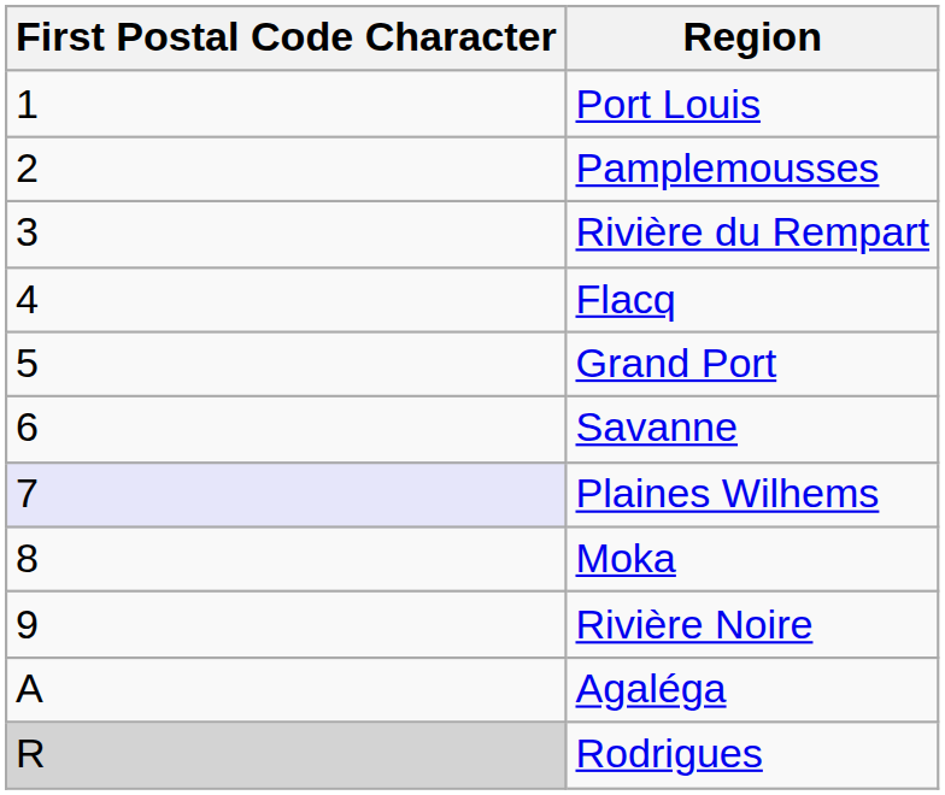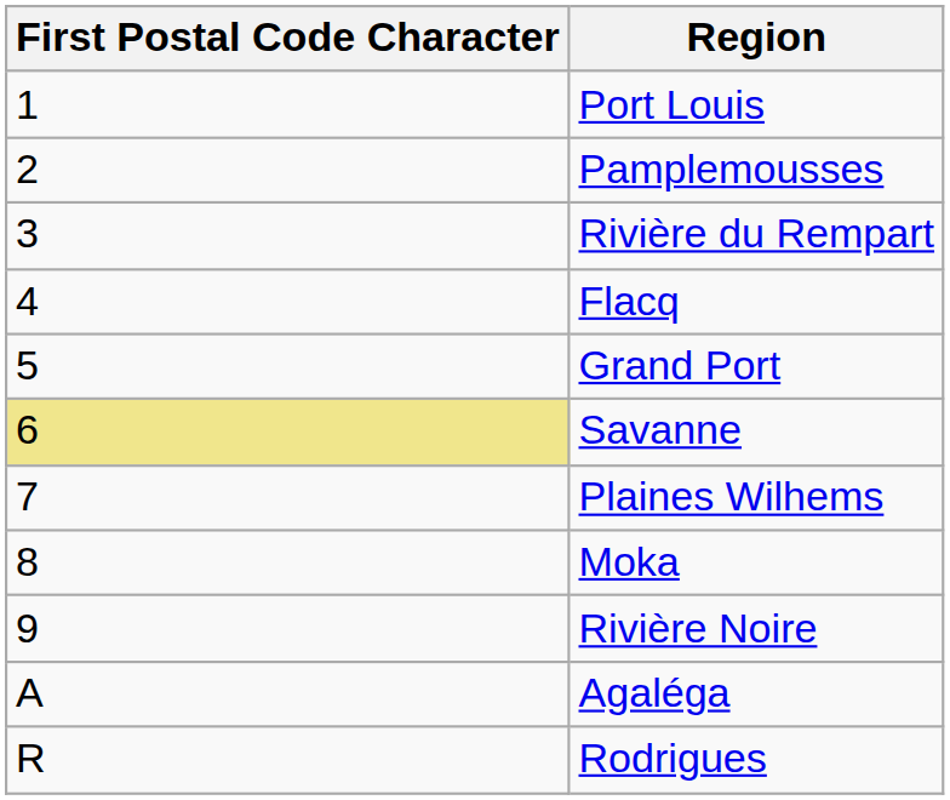 <table class="wikitable">
 <tr>
 <th>First Postal Code Character</th>
 <th>Region</th>
 </tr>
 <tr>
 <td>1</td>
 <td><a href='#'>Port Louis</a></td>
 </tr>
 <tr>
 <td>2</td>
 <td><a href='#'>Pamplemousses</a></td>
 </tr>
 <tr>
 <td>3</td>
 <td><a href='#'>Rivière du Rempart</a></td>
 </tr>
 <tr>
 <td>4</td>
 <td><a href='#'>Flacq</a></td>
 </tr>
 <tr>
 <td>5</td>
 <td><a href='#'>Grand Port</a></td>
 </tr>
 <tr>
-<td>6</td>
+<td style="background: khaki;">6</td>
 <td><a href='#'>Savanne</a></td>
 </tr>
 <tr>
-<td style="background: lavender;">7</td>
+<td>7</td>
 <td><a href='#'>Plaines Wilhems</a></td>
 </tr>
 <tr>
 <td>8</td>
 <td><a href='#'>Moka</a></td>
 </tr>
 <tr>
 <td>9</td>
 <td><a href='#'>Rivière Noire</a></td>
 </tr>
 <tr>
 <td>A</td>
 <td><a href='#'>Agaléga</a></td>
 </tr>
 <tr>
-<td style="background: lightgrey;">R</td>
+<td>R</td>
 <td><a href='#'>Rodrigues</a></td>
 </tr>
 </table>
